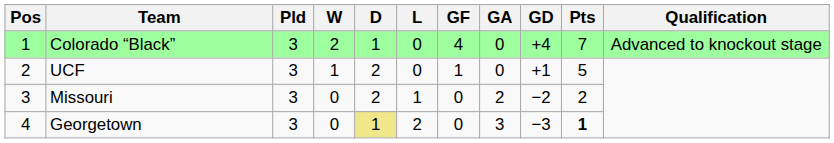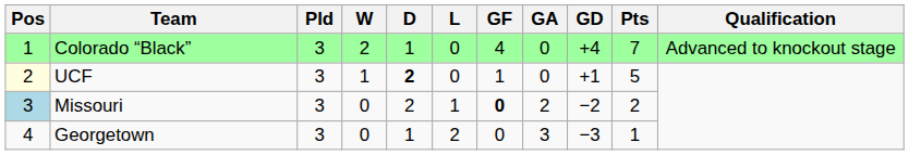 <table class="wikitable" style="text-align:center; margin: 1em auto">
 <tr>
 <th style="width:2em">Pos</th>
 <th style="width:13em">Team</th>
 <th style="width:2em">Pld</th>
 <th style="width:2em">W</th>
 <th style="width:2em">D</th>
 <th style="width:2em">L</th>
 <th style="width:2em">GF</th>
 <th style="width:2em">GA</th>
 <th style="width:2em">GD</th>
 <th style="width:2em">Pts</th>
 <th style="width:13em">Qualification</th>
 </tr>
 <tr bgcolor="#9eff9e">
 <td>1</td>
 <td style="text-align:left">Colorado “Black”</td>
 <td>3</td>
 <td>2</td>
 <td>1</td>
 <td>0</td>
 <td>4</td>
 <td>0</td>
 <td>+4</td>
 <td>7</td>
 <td>Advanced to knockout stage</td>
 </tr>
 <tr>
-<td>2</td>
+<td style="background: lightyellow;">2</td>
 <td style="text-align:left">UCF</td>
 <td>3</td>
 <td>1</td>
-<td>2</td>
+<td><strong>2</strong></td>
 <td>0</td>
 <td>1</td>
 <td>0</td>
 <td>+1</td>
 <td>5</td>
 </tr>
 <tr>
-<td>3</td>
+<td style="background: lightblue;">3</td>
 <td style="text-align:left">Missouri</td>
 <td>3</td>
 <td>0</td>
 <td>2</td>
 <td>1</td>
-<td>0</td>
+<td><strong>0</strong></td>
 <td>2</td>
 <td>−2</td>
 <td>2</td>
 </tr>
 <tr>
 <td>4</td>
 <td style="text-align:left">Georgetown</td>
 <td>3</td>
 <td>0</td>
-<td style="background: khaki;">1</td>
+<td>1</td>
 <td>2</td>
 <td>0</td>
 <td>3</td>
 <td>−3</td>
-<td><strong>1</strong></td>
+<td>1</td>
 </tr>
 </table>
